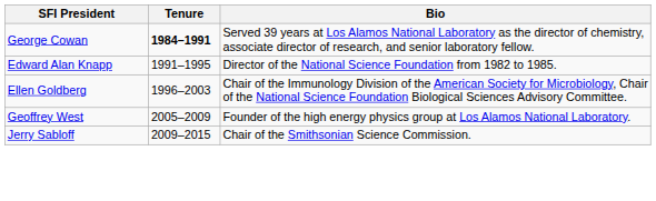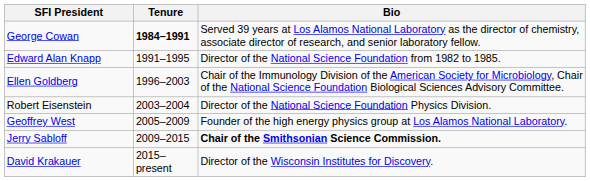 <table class="wikitable">
 <tr>
 <th style="width:20%;">SFI President</th>
 <th style="width:10%;">Tenure</th>
 <th style="width:60%;">Bio</th>
 </tr>
 <tr>
 <td><a href='#'>George Cowan</a></td>
 <td><strong>1984–1991</strong></td>
 <td>Served 39 years at <a href='#'>Los Alamos National Laboratory</a> as the director of chemistry, associate director of research, and senior laboratory fellow.</td>
 </tr>
 <tr>
 <td><a href='#'>Edward Alan Knapp</a></td>
 <td>1991–1995</td>
 <td>Director of the <a href='#'>National Science Foundation</a> from 1982 to 1985.</td>
 </tr>
 <tr>
 <td><a href='#'>Ellen Goldberg</a></td>
 <td>1996–2003</td>
 <td>Chair of the Immunology Division of the <a href='#'>American Society for Microbiology</a>, Chair of the <a href='#'>National Science Foundation</a> Biological Sciences Advisory Committee.</td>
 </tr>
 <tr>
+<td>Robert Eisenstein</td>
+<td>2003–2004</td>
+<td>Director of the <a href='#'>National Science Foundation</a> Physics Division.</td>
+</tr>
+<tr>
 <td><a href='#'>Geoffrey West</a></td>
 <td>2005–2009</td>
 <td>Founder of the high energy physics group at <a href='#'>Los Alamos National Laboratory</a>.</td>
 </tr>
 <tr>
 <td><a href='#'>Jerry Sabloff</a></td>
 <td>2009–2015</td>
-<td>Chair of the <a href='#'>Smithsonian</a> Science Commission.</td>
+<td><strong>Chair of the <a href='#'>Smithsonian</a> Science Commission.</strong></td>
+</tr>
+<tr>
+<td><a href='#'>David Krakauer</a></td>
+<td>2015–present</td>
+<td>Director of the <a href='#'>Wisconsin Institutes for Discovery</a>.</td>
 </tr>
 </table>
